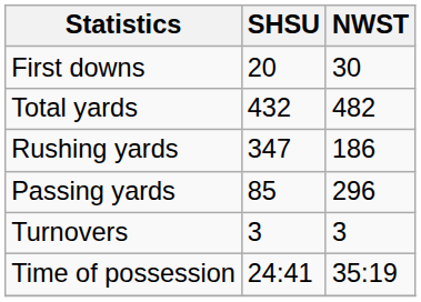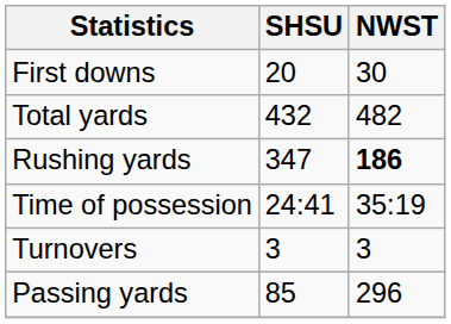 <table class="wikitable">
 <tr>
 <th>Statistics</th>
 <th>SHSU</th>
 <th>NWST</th>
 </tr>
 <tr>
 <td>First downs</td>
 <td>20</td>
 <td>30</td>
 </tr>
 <tr>
 <td>Total yards</td>
 <td>432</td>
 <td>482</td>
 </tr>
 <tr>
 <td>Rushing yards</td>
 <td>347</td>
-<td>186</td>
+<td><strong>186</strong></td>
+</tr>
+<tr>
+<td>Time of possession</td>
+<td>24:41</td>
+<td>35:19</td>
+</tr>
+<tr>
+<td>Turnovers</td>
+<td>3</td>
+<td>3</td>
 </tr>
 <tr>
 <td>Passing yards</td>
 <td>85</td>
 <td>296</td>
 </tr>
 <tr>
-<td>Turnovers</td>
-<td>3</td>
-<td>3</td>
-</tr>
-<tr>
-<td>Time of possession</td>
-<td>24:41</td>
-<td>35:19</td>
-</tr>
-<tr>
 </tr>
 </table>
